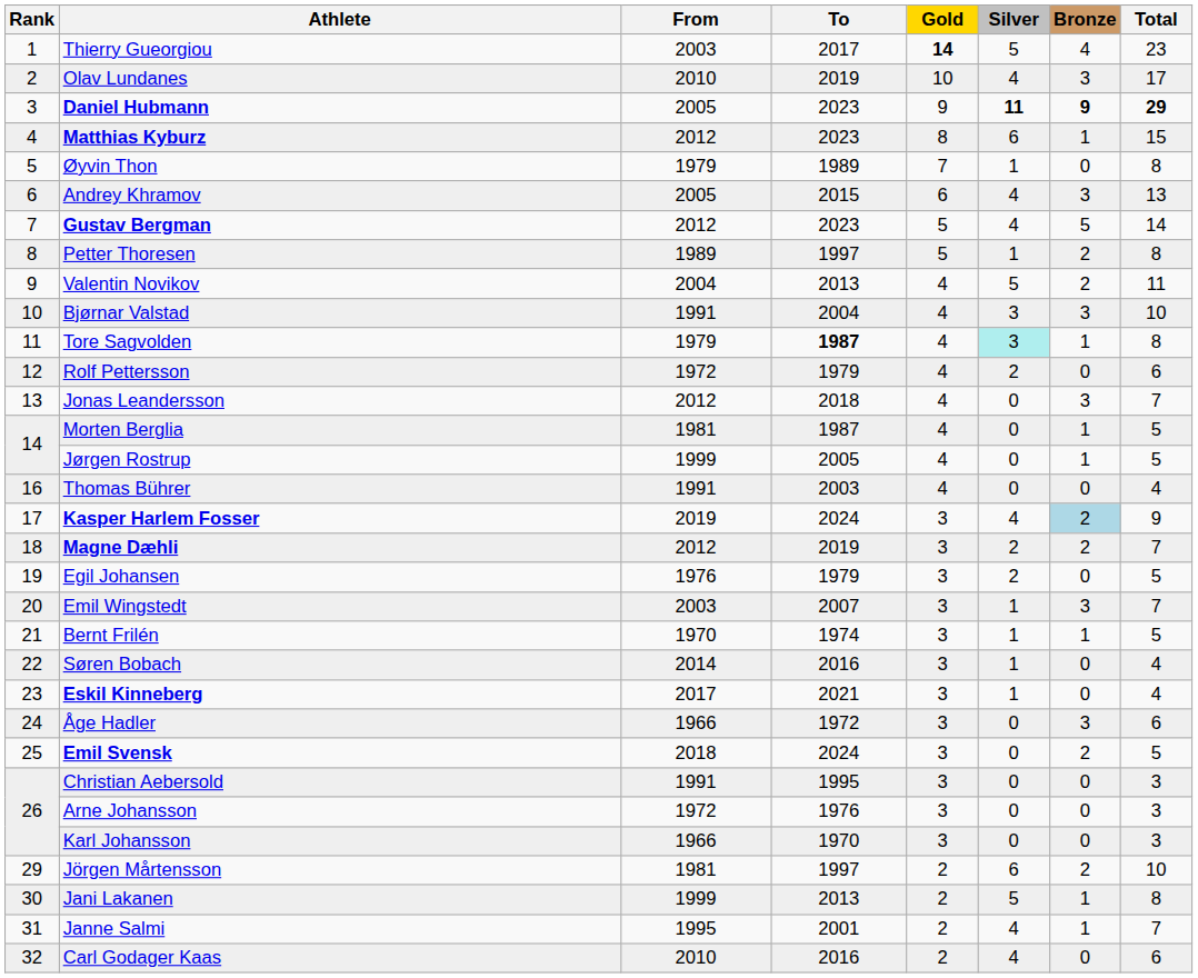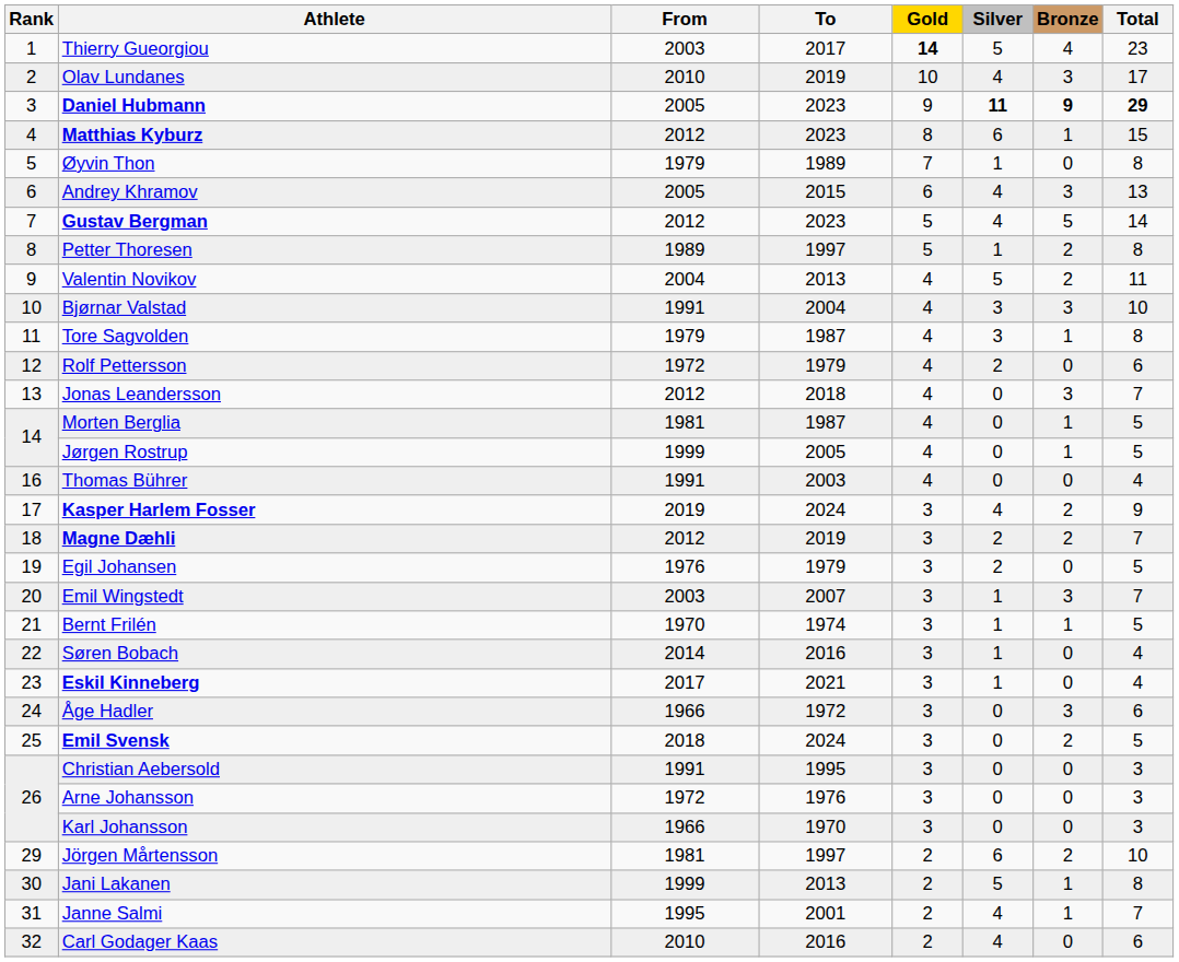 <table class="wikitable" style="text-align:center">
 <tr>
 <th style="width:1em">Rank</th>
 <th>Athlete</th>
 <th>From</th>
 <th>To</th>
 <th style="width:6%; background: gold">Gold</th>
 <th style="width:6%; background: silver">Silver</th>
 <th style="width:6%; background: #c96">Bronze</th>
 <th style="width:6%">Total</th>
 </tr>
 <tr>
 <td>1</td>
 <td align=left> <a href='#'>Thierry Gueorgiou</a></td>
 <td>2003</td>
 <td>2017</td>
 <td><strong>14</strong></td>
 <td>5</td>
 <td>4</td>
 <td>23</td>
 </tr>
 <tr bgcolor=efefef>
 <td>2</td>
 <td align=left> <a href='#'>Olav Lundanes</a></td>
 <td>2010</td>
 <td>2019</td>
 <td>10</td>
 <td>4</td>
 <td>3</td>
 <td>17</td>
 </tr>
 <tr>
 <td>3</td>
 <td align=left> <strong><a href='#'>Daniel Hubmann</a></strong></td>
 <td>2005</td>
 <td>2023</td>
 <td>9</td>
 <td><strong>11</strong></td>
 <td><strong>9</strong></td>
 <td><strong>29</strong></td>
 </tr>
 <tr bgcolor=efefef>
 <td>4</td>
 <td align=left> <strong><a href='#'>Matthias Kyburz</a></strong></td>
 <td>2012</td>
 <td>2023</td>
 <td>8</td>
 <td>6</td>
 <td>1</td>
 <td>15</td>
 </tr>
 <tr>
 <td>5</td>
 <td align=left> <a href='#'>Øyvin Thon</a></td>
 <td>1979</td>
 <td>1989</td>
 <td>7</td>
 <td>1</td>
 <td>0</td>
 <td>8</td>
 </tr>
 <tr bgcolor=efefef>
 <td>6</td>
 <td align=left> <a href='#'>Andrey Khramov</a></td>
 <td>2005</td>
 <td>2015</td>
 <td>6</td>
 <td>4</td>
 <td>3</td>
 <td>13</td>
 </tr>
 <tr>
 <td>7</td>
 <td align=left> <strong><a href='#'>Gustav Bergman</a></strong></td>
 <td>2012</td>
 <td>2023</td>
 <td>5</td>
 <td>4</td>
 <td>5</td>
 <td>14</td>
 </tr>
 <tr bgcolor=efefef>
 <td>8</td>
 <td align=left> <a href='#'>Petter Thoresen</a></td>
 <td>1989</td>
 <td>1997</td>
 <td>5</td>
 <td>1</td>
 <td>2</td>
 <td>8</td>
 </tr>
 <tr>
 <td>9</td>
 <td align=left> <a href='#'>Valentin Novikov</a></td>
 <td>2004</td>
 <td>2013</td>
 <td>4</td>
 <td>5</td>
 <td>2</td>
 <td>11</td>
 </tr>
 <tr bgcolor=efefef>
 <td>10</td>
 <td align=left> <a href='#'>Bjørnar Valstad</a></td>
 <td>1991</td>
 <td>2004</td>
 <td>4</td>
 <td>3</td>
 <td>3</td>
 <td>10</td>
 </tr>
 <tr>
 <td>11</td>
 <td align=left> <a href='#'>Tore Sagvolden</a></td>
 <td>1979</td>
-<td><strong>1987</strong></td>
+<td>1987</td>
 <td>4</td>
-<td style="background: paleturquoise;">3</td>
+<td>3</td>
 <td>1</td>
 <td>8</td>
 </tr>
 <tr bgcolor=efefef>
 <td>12</td>
 <td align=left> <a href='#'>Rolf Pettersson</a></td>
 <td>1972</td>
 <td>1979</td>
 <td>4</td>
 <td>2</td>
 <td>0</td>
 <td>6</td>
 </tr>
 <tr>
 <td>13</td>
 <td align=left> <a href='#'>Jonas Leandersson</a></td>
 <td>2012</td>
 <td>2018</td>
 <td>4</td>
 <td>0</td>
 <td>3</td>
 <td>7</td>
 </tr>
 <tr bgcolor=efefef>
 <td rowspan=2>14</td>
 <td align=left> <a href='#'>Morten Berglia</a></td>
 <td>1981</td>
 <td>1987</td>
 <td>4</td>
 <td>0</td>
 <td>1</td>
 <td>5</td>
 </tr>
 <tr>
 <td align=left> <a href='#'>Jørgen Rostrup</a></td>
 <td>1999</td>
 <td>2005</td>
 <td>4</td>
 <td>0</td>
 <td>1</td>
 <td>5</td>
 </tr>
 <tr bgcolor=efefef>
 <td>16</td>
 <td align=left> <a href='#'>Thomas Bührer</a></td>
 <td>1991</td>
 <td>2003</td>
 <td>4</td>
 <td>0</td>
 <td>0</td>
 <td>4</td>
 </tr>
 <tr>
 <td>17</td>
 <td align=left> <strong><a href='#'>Kasper Harlem Fosser</a></strong></td>
 <td>2019</td>
 <td>2024</td>
 <td>3</td>
 <td>4</td>
-<td style="background: lightblue;">2</td>
+<td>2</td>
 <td>9</td>
 </tr>
 <tr bgcolor=efefef>
 <td>18</td>
 <td align=left> <strong><a href='#'>Magne Dæhli</a></strong></td>
 <td>2012</td>
 <td>2019</td>
 <td>3</td>
 <td>2</td>
 <td>2</td>
 <td>7</td>
 </tr>
 <tr>
 <td>19</td>
 <td align=left> <a href='#'>Egil Johansen</a></td>
 <td>1976</td>
 <td>1979</td>
 <td>3</td>
 <td>2</td>
 <td>0</td>
 <td>5</td>
 </tr>
 <tr bgcolor=efefef>
 <td>20</td>
 <td align=left> <a href='#'>Emil Wingstedt</a></td>
 <td>2003</td>
 <td>2007</td>
 <td>3</td>
 <td>1</td>
 <td>3</td>
 <td>7</td>
 </tr>
 <tr>
 <td>21</td>
 <td align=left> <a href='#'>Bernt Frilén</a></td>
 <td>1970</td>
 <td>1974</td>
 <td>3</td>
 <td>1</td>
 <td>1</td>
 <td>5</td>
 </tr>
 <tr bgcolor=efefef>
 <td>22</td>
 <td align=left> <a href='#'>Søren Bobach</a></td>
 <td>2014</td>
 <td>2016</td>
 <td>3</td>
 <td>1</td>
 <td>0</td>
 <td>4</td>
 </tr>
 <tr>
 <td>23</td>
 <td align=left> <strong><a href='#'>Eskil Kinneberg</a></strong></td>
 <td>2017</td>
 <td>2021</td>
 <td>3</td>
 <td>1</td>
 <td>0</td>
 <td>4</td>
 </tr>
 <tr bgcolor=efefef>
 <td>24</td>
 <td align=left> <a href='#'>Åge Hadler</a></td>
 <td>1966</td>
 <td>1972</td>
 <td>3</td>
 <td>0</td>
 <td>3</td>
 <td>6</td>
 </tr>
 <tr>
 <td>25</td>
 <td align=left> <strong><a href='#'>Emil Svensk</a></strong></td>
 <td>2018</td>
 <td>2024</td>
 <td>3</td>
 <td>0</td>
 <td>2</td>
 <td>5</td>
 </tr>
 <tr bgcolor=efefef>
 <td rowspan=3>26</td>
 <td align=left> <a href='#'>Christian Aebersold</a></td>
 <td>1991</td>
 <td>1995</td>
 <td>3</td>
 <td>0</td>
 <td>0</td>
 <td>3</td>
 </tr>
 <tr>
 <td align=left> <a href='#'>Arne Johansson</a></td>
 <td>1972</td>
 <td>1976</td>
 <td>3</td>
 <td>0</td>
 <td>0</td>
 <td>3</td>
 </tr>
 <tr bgcolor=efefef>
 <td align=left> <a href='#'>Karl Johansson</a></td>
 <td>1966</td>
 <td>1970</td>
 <td>3</td>
 <td>0</td>
 <td>0</td>
 <td>3</td>
 </tr>
 <tr>
 <td>29</td>
 <td align=left> <a href='#'>Jörgen Mårtensson</a></td>
 <td>1981</td>
 <td>1997</td>
 <td>2</td>
 <td>6</td>
 <td>2</td>
 <td>10</td>
 </tr>
 <tr bgcolor=efefef>
 <td>30</td>
 <td align=left> <a href='#'>Jani Lakanen</a></td>
 <td>1999</td>
 <td>2013</td>
 <td>2</td>
 <td>5</td>
 <td>1</td>
 <td>8</td>
 </tr>
 <tr>
 <td>31</td>
 <td align=left> <a href='#'>Janne Salmi</a></td>
 <td>1995</td>
 <td>2001</td>
 <td>2</td>
 <td>4</td>
 <td>1</td>
 <td>7</td>
 </tr>
 <tr bgcolor=efefef>
 <td>32</td>
 <td align=left> <a href='#'>Carl Godager Kaas</a></td>
 <td>2010</td>
 <td>2016</td>
 <td>2</td>
 <td>4</td>
 <td>0</td>
 <td>6</td>
 </tr>
 </table>
